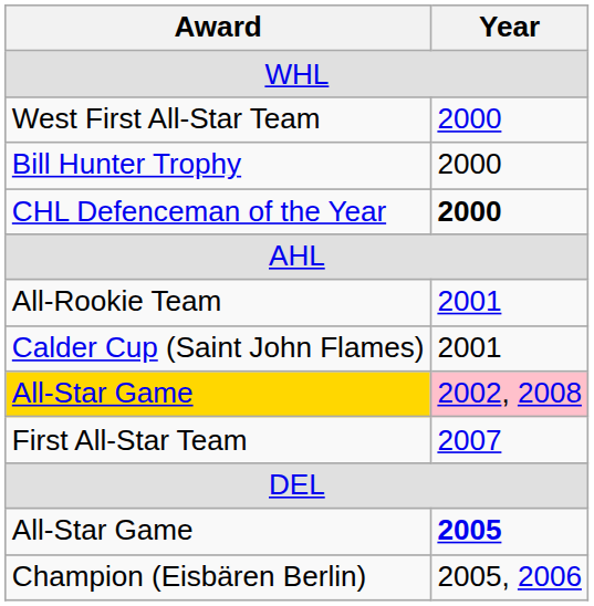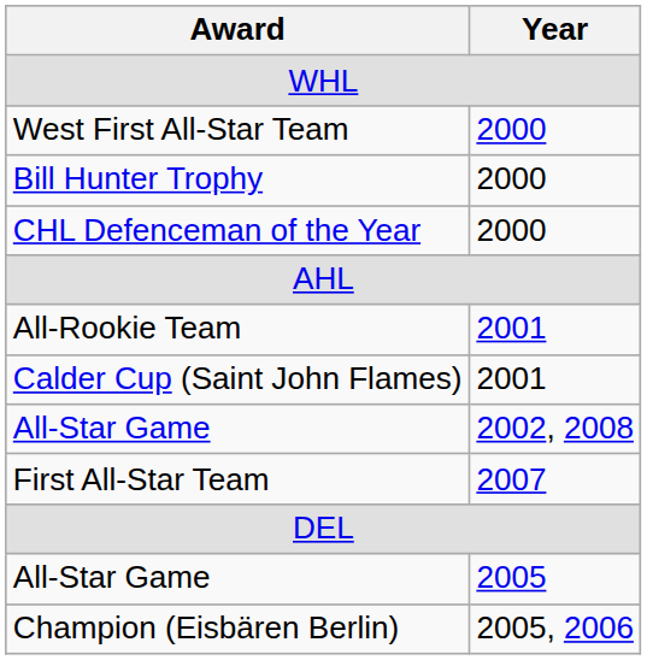 <table class="wikitable">
 <tr>
 <th>Award</th>
 <th>Year</th>
 </tr>
 <tr ALIGN="center" bgcolor="#e0e0e0">
 <td colspan="3"><a href='#'>WHL</a></td>
 </tr>
 <tr>
 <td>West First All-Star Team</td>
 <td><a href='#'>2000</a></td>
 </tr>
 <tr>
 <td><a href='#'>Bill Hunter Trophy</a></td>
 <td>2000</td>
 </tr>
 <tr>
 <td><a href='#'>CHL Defenceman of the Year</a></td>
-<td><strong>2000</strong></td>
+<td>2000</td>
 </tr>
 <tr ALIGN="center" bgcolor="#e0e0e0">
 <td colspan="3"><a href='#'>AHL</a></td>
 </tr>
 <tr>
 <td>All-Rookie Team</td>
 <td><a href='#'>2001</a></td>
 </tr>
 <tr>
 <td><a href='#'>Calder Cup</a> (Saint John Flames)</td>
 <td>2001</td>
 </tr>
 <tr>
-<td style="background: gold;"><a href='#'>All-Star Game</a></td>
-<td style="background: pink;"><a href='#'>2002</a>, <a href='#'>2008</a></td>
+<td><a href='#'>All-Star Game</a></td>
+<td><a href='#'>2002</a>, <a href='#'>2008</a></td>
 </tr>
 <tr>
 <td>First All-Star Team</td>
 <td><a href='#'>2007</a></td>
 </tr>
 <tr ALIGN="center" bgcolor="#e0e0e0">
 <td colspan="3"><a href='#'>DEL</a></td>
 </tr>
 <tr>
 <td>All-Star Game</td>
-<td><strong><a href='#'>2005</a></strong></td>
+<td><a href='#'>2005</a></td>
 </tr>
 <tr>
 <td>Champion (Eisbären Berlin)</td>
 <td>2005, <a href='#'>2006</a></td>
 </tr>
 </table>
